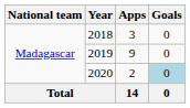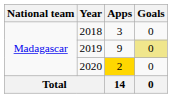 <table class="wikitable" style="text-align:center">
 <tr>
 <th>National team</th>
 <th>Year</th>
 <th>Apps</th>
 <th>Goals</th>
 </tr>
 <tr>
 <td rowspan="3"><a href='#'>Madagascar</a></td>
 <td>2018</td>
 <td>3</td>
 <td>0</td>
 </tr>
 <tr>
 <td>2019</td>
 <td>9</td>
-<td>0</td>
+<td style="background: khaki;">0</td>
 </tr>
 <tr>
 <td>2020</td>
-<td>2</td>
-<td style="background: lightblue;">0</td>
+<td style="background: gold;">2</td>
+<td>0</td>
 </tr>
 <tr>
 <th colspan="2">Total</th>
 <th>14</th>
 <th>0</th>
 </tr>
 </table>
